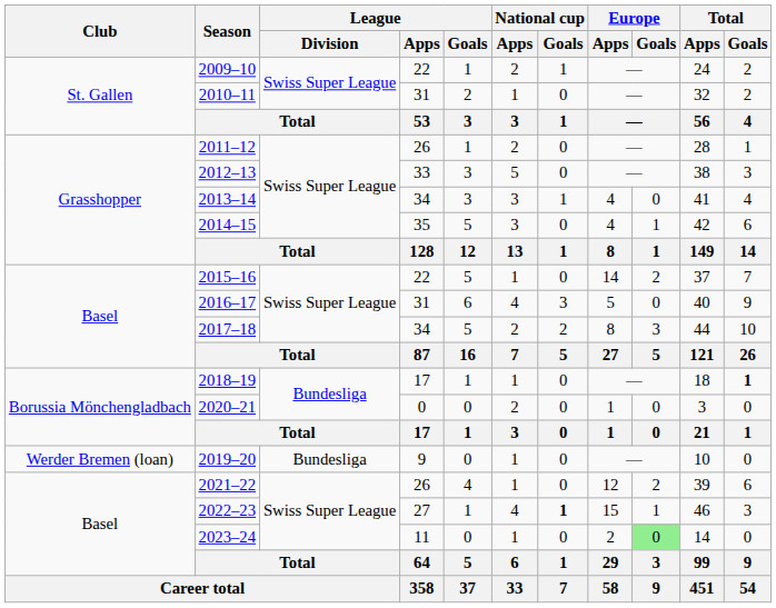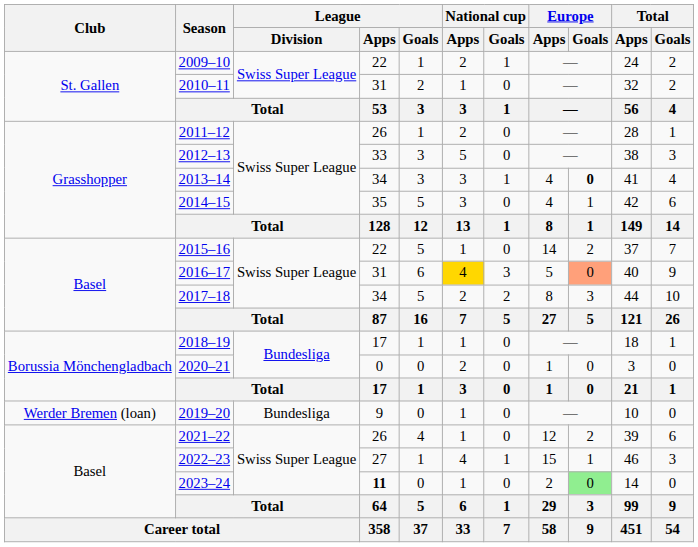 <table class="wikitable" style="text-align:center">
 <tr>
 <th rowspan="2">Club</th>
 <th rowspan="2">Season</th>
 <th colspan="3">League</th>
 <th colspan="2">National cup</th>
 <th colspan="2"><a href='#'>Europe</a></th>
 <th colspan="2">Total</th>
 </tr>
 <tr>
 <th>Division</th>
 <th>Apps</th>
 <th>Goals</th>
 <th>Apps</th>
 <th>Goals</th>
 <th>Apps</th>
 <th>Goals</th>
 <th>Apps</th>
 <th>Goals</th>
 </tr>
 <tr>
 <td rowspan="3"><a href='#'>St. Gallen</a></td>
 <td><a href='#'>2009–10</a></td>
 <td rowspan="2"><a href='#'>Swiss Super League</a></td>
 <td>22</td>
 <td>1</td>
 <td>2</td>
 <td>1</td>
 <td colspan="2">—</td>
 <td>24</td>
 <td>2</td>
 </tr>
 <tr>
 <td><a href='#'>2010–11</a></td>
 <td>31</td>
 <td>2</td>
 <td>1</td>
 <td>0</td>
 <td colspan="2">—</td>
 <td>32</td>
 <td>2</td>
 </tr>
 <tr>
 <th colspan="2">Total</th>
 <th>53</th>
 <th>3</th>
 <th>3</th>
 <th>1</th>
 <th colspan="2">—</th>
 <th>56</th>
 <th>4</th>
 </tr>
 <tr>
 <td rowspan="5"><a href='#'>Grasshopper</a></td>
 <td><a href='#'>2011–12</a></td>
 <td rowspan="4">Swiss Super League</td>
 <td>26</td>
 <td>1</td>
 <td>2</td>
 <td>0</td>
 <td colspan="2">—</td>
 <td>28</td>
 <td>1</td>
 </tr>
 <tr>
 <td><a href='#'>2012–13</a></td>
 <td>33</td>
 <td>3</td>
 <td>5</td>
 <td>0</td>
 <td colspan="2">—</td>
 <td>38</td>
 <td>3</td>
 </tr>
 <tr>
 <td><a href='#'>2013–14</a></td>
 <td>34</td>
 <td>3</td>
 <td>3</td>
 <td>1</td>
 <td>4</td>
-<td>0</td>
+<td><strong>0</strong></td>
 <td>41</td>
 <td>4</td>
 </tr>
 <tr>
 <td><a href='#'>2014–15</a></td>
 <td>35</td>
 <td>5</td>
 <td>3</td>
 <td>0</td>
 <td>4</td>
 <td>1</td>
 <td>42</td>
 <td>6</td>
 </tr>
 <tr>
 <th colspan="2">Total</th>
 <th>128</th>
 <th>12</th>
 <th>13</th>
 <th>1</th>
 <th>8</th>
 <th>1</th>
 <th>149</th>
 <th>14</th>
 </tr>
 <tr>
 <td rowspan="4"><a href='#'>Basel</a></td>
 <td><a href='#'>2015–16</a></td>
 <td rowspan="3">Swiss Super League</td>
 <td>22</td>
 <td>5</td>
 <td>1</td>
 <td>0</td>
 <td>14</td>
 <td>2</td>
 <td>37</td>
 <td>7</td>
 </tr>
 <tr>
 <td><a href='#'>2016–17</a></td>
 <td>31</td>
 <td>6</td>
-<td>4</td>
+<td style="background: gold;">4</td>
 <td>3</td>
 <td>5</td>
-<td>0</td>
+<td style="background: lightsalmon;">0</td>
 <td>40</td>
 <td>9</td>
 </tr>
 <tr>
 <td><a href='#'>2017–18</a></td>
 <td>34</td>
 <td>5</td>
 <td>2</td>
 <td>2</td>
 <td>8</td>
 <td>3</td>
 <td>44</td>
 <td>10</td>
 </tr>
 <tr>
 <th colspan="2">Total</th>
 <th>87</th>
 <th>16</th>
 <th>7</th>
 <th>5</th>
 <th>27</th>
 <th>5</th>
 <th>121</th>
 <th>26</th>
 </tr>
 <tr>
 <td rowspan="3"><a href='#'>Borussia Mönchengladbach</a></td>
 <td><a href='#'>2018–19</a></td>
 <td rowspan="2"><a href='#'>Bundesliga</a></td>
 <td>17</td>
 <td>1</td>
 <td>1</td>
 <td>0</td>
 <td colspan="2">—</td>
 <td>18</td>
-<td><strong>1</strong></td>
+<td>1</td>
 </tr>
 <tr>
 <td><a href='#'>2020–21</a></td>
 <td>0</td>
 <td>0</td>
 <td>2</td>
 <td>0</td>
 <td>1</td>
 <td>0</td>
 <td>3</td>
 <td>0</td>
 </tr>
 <tr>
 <th colspan="2">Total</th>
 <th>17</th>
 <th>1</th>
 <th>3</th>
 <th>0</th>
 <th>1</th>
 <th>0</th>
 <th>21</th>
 <th>1</th>
 </tr>
 <tr>
 <td><a href='#'>Werder Bremen</a> (loan)</td>
 <td><a href='#'>2019–20</a></td>
 <td>Bundesliga</td>
 <td>9</td>
 <td>0</td>
 <td>1</td>
 <td>0</td>
 <td colspan="2">—</td>
 <td>10</td>
 <td>0</td>
 </tr>
 <tr>
 <td rowspan=4>Basel</td>
 <td><a href='#'>2021–22</a></td>
 <td rowspan=3>Swiss Super League</td>
 <td>26</td>
 <td>4</td>
 <td>1</td>
 <td>0</td>
 <td>12</td>
 <td>2</td>
 <td>39</td>
 <td>6</td>
 </tr>
 <tr>
 <td><a href='#'>2022–23</a></td>
 <td>27</td>
 <td>1</td>
 <td>4</td>
-<td><strong>1</strong></td>
+<td>1</td>
 <td>15</td>
 <td>1</td>
 <td>46</td>
 <td>3</td>
 </tr>
 <tr>
 <td><a href='#'>2023–24</a></td>
-<td>11</td>
+<td><strong>11</strong></td>
 <td>0</td>
 <td>1</td>
 <td>0</td>
 <td>2</td>
 <td style="background: lightgreen;">0</td>
 <td>14</td>
 <td>0</td>
 </tr>
 <tr>
 <th colspan="2">Total</th>
 <th>64</th>
 <th>5</th>
 <th>6</th>
 <th>1</th>
 <th>29</th>
 <th>3</th>
 <th>99</th>
 <th>9</th>
 </tr>
 <tr>
 <th colspan="3">Career total</th>
 <th>358</th>
 <th>37</th>
 <th>33</th>
 <th>7</th>
 <th>58</th>
 <th>9</th>
 <th>451</th>
 <th>54</th>
 </tr>
 </table>
